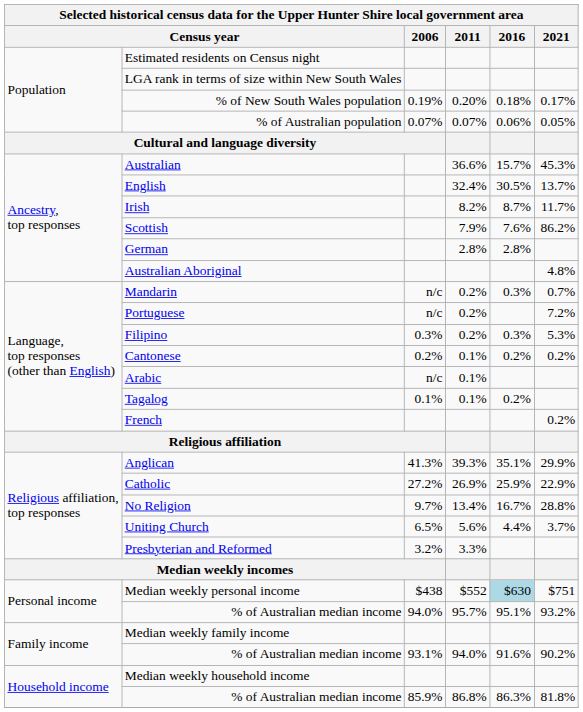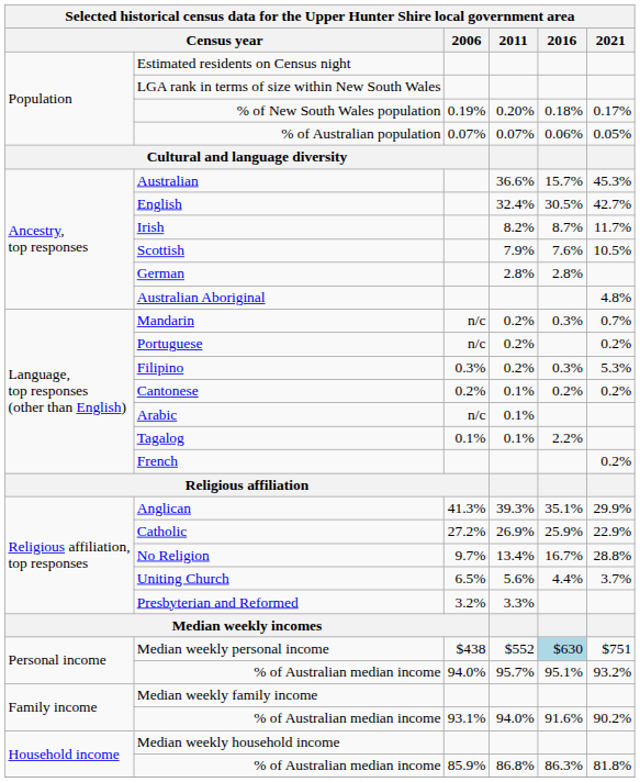 <table class="wikitable">
 <tr>
 <th colspan=7>Selected historical census data for the Upper Hunter Shire local government area</th>
 </tr>
 <tr>
 <th colspan=3>Census year</th>
 <th>2006</th>
 <th>2011</th>
 <th>2016</th>
 <th>2021</th>
 </tr>
 <tr>
 <td rowspan=4 colspan="2">Population</td>
 <td>Estimated residents on Census night</td>
 <td align="right"></td>
 <td align="right"> </td>
 <td align="right"> </td>
 <td align="right"></td>
 </tr>
 <tr>
 <td align="right">LGA rank in terms of size within New South Wales</td>
 <td align="right"></td>
 <td align="right"></td>
 <td align="right"></td>
 <td align="right"></td>
 </tr>
 <tr>
 <td align="right">% of New South Wales population</td>
 <td align="right">0.19%</td>
 <td align="right"> 0.20%</td>
 <td align="right"> 0.18%</td>
 <td align="right"> 0.17%</td>
 </tr>
 <tr>
 <td align="right">% of Australian population</td>
 <td align="right">0.07%</td>
 <td align="right"> 0.07%</td>
 <td align="right"> 0.06%</td>
 <td align="right"> 0.05%</td>
 </tr>
 <tr>
 <th colspan=4>Cultural and language diversity</th>
 <th></th>
 <th></th>
 <th></th>
 </tr>
 <tr>
 <td rowspan=6 colspan=2><a href='#'>Ancestry</a>,<br>top responses</td>
 <td><a href='#'>Australian</a></td>
 <td align="right"></td>
 <td align="right">36.6%</td>
 <td align="right"> 15.7%</td>
 <td align="right"> 45.3%</td>
 </tr>
 <tr>
 <td><a href='#'>English</a></td>
 <td align="right"></td>
 <td align="right">32.4%</td>
 <td align="right"> 30.5%</td>
-<td align="right"> 13.7%</td>
+<td align="right"> 42.7%</td>
 </tr>
 <tr>
 <td><a href='#'>Irish</a></td>
 <td align="right"></td>
 <td align="right">8.2%</td>
 <td align="right"> 8.7%</td>
 <td align="right"> 11.7%</td>
 </tr>
 <tr>
 <td><a href='#'>Scottish</a></td>
 <td align="right"></td>
 <td align="right">7.9%</td>
 <td align="right"> 7.6%</td>
-<td align="right"> 86.2%</td>
+<td align="right"> 10.5%</td>
 </tr>
 <tr>
 <td><a href='#'>German</a></td>
 <td align="right"></td>
 <td align="right">2.8%</td>
 <td align="right"> 2.8%</td>
 <td align="right"></td>
 </tr>
 <tr>
 <td><a href='#'>Australian Aboriginal</a></td>
 <td align="right"></td>
 <td align="right"></td>
 <td align="right"></td>
 <td align="right">4.8%</td>
 </tr>
 <tr>
 <td rowspan=7 colspan=2>Language,<br>top responses<br>(other than <a href='#'>English</a>)</td>
 <td><a href='#'>Mandarin</a></td>
 <td align="right">n/c</td>
 <td align="right">0.2%</td>
 <td align="right"> 0.3%</td>
 <td align="right"> 0.7%</td>
 </tr>
 <tr>
 <td><a href='#'>Portuguese</a></td>
 <td align="right">n/c</td>
 <td align="right">0.2%</td>
 <td align="right"></td>
-<td align="right"> 7.2%</td>
+<td align="right"> 0.2%</td>
 </tr>
 <tr>
 <td><a href='#'>Filipino</a></td>
 <td align="right">0.3%</td>
 <td align="right"> 0.2%</td>
 <td align="right"> 0.3%</td>
 <td align="right"> 5.3%</td>
 </tr>
 <tr>
 <td><a href='#'>Cantonese</a></td>
 <td align="right">0.2%</td>
 <td align="right"> 0.1%</td>
 <td align="right"> 0.2%</td>
 <td align="right"> 0.2%</td>
 </tr>
 <tr>
 <td><a href='#'>Arabic</a></td>
 <td align="right">n/c</td>
 <td align="right"> 0.1%</td>
 <td align="right"></td>
 <td align="right"></td>
 </tr>
 <tr>
 <td><a href='#'>Tagalog</a></td>
 <td align="right">0.1%</td>
 <td align="right"> 0.1%</td>
-<td align="right"> 0.2%</td>
+<td align="right"> 2.2%</td>
 <td align="right"></td>
 </tr>
 <tr>
 <td><a href='#'>French</a></td>
 <td align="right"></td>
 <td align="right"></td>
 <td align="right"></td>
 <td align="right">0.2%</td>
 </tr>
 <tr>
 <th colspan=4>Religious affiliation</th>
 <th></th>
 <th></th>
 <th></th>
 </tr>
 <tr>
 <td rowspan=5 colspan=2><a href='#'>Religious</a> affiliation,<br>top responses</td>
 <td><a href='#'>Anglican</a></td>
 <td align="right">41.3%</td>
 <td align="right"> 39.3%</td>
 <td align="right"> 35.1%</td>
 <td align="right"> 29.9%</td>
 </tr>
 <tr>
 <td><a href='#'>Catholic</a></td>
 <td align="right">27.2%</td>
 <td align="right"> 26.9%</td>
 <td align="right"> 25.9%</td>
 <td align="right"> 22.9%</td>
 </tr>
 <tr>
 <td><a href='#'>No Religion</a></td>
 <td align="right">9.7%</td>
 <td align="right"> 13.4%</td>
 <td align="right"> 16.7%</td>
 <td align="right"> 28.8%</td>
 </tr>
 <tr>
 <td><a href='#'>Uniting Church</a></td>
 <td align="right">6.5%</td>
 <td align="right"> 5.6%</td>
 <td align="right"> 4.4%</td>
 <td align="right"> 3.7%</td>
 </tr>
 <tr>
 <td><a href='#'>Presbyterian and Reformed</a></td>
 <td align="right">3.2%</td>
 <td align="right"> 3.3%</td>
 <td align="right"></td>
 <td align="right"></td>
 </tr>
 <tr>
 <th colspan=4>Median weekly incomes</th>
 <th></th>
 <th></th>
 <th></th>
 </tr>
 <tr>
 <td rowspan=2 colspan=2>Personal income</td>
 <td>Median weekly personal income</td>
 <td align="right">$438</td>
 <td align="right"> $552</td>
 <td align="right" style="background: lightblue;"> $630</td>
 <td align="right"> $751</td>
 </tr>
 <tr>
 <td align="right">% of Australian median income</td>
 <td align="right">94.0%</td>
 <td align="right"> 95.7%</td>
 <td align="right"> 95.1%</td>
 <td align="right"> 93.2%</td>
 </tr>
 <tr>
 <td rowspan=2 colspan=2>Family income</td>
 <td>Median weekly family income</td>
 <td align="right"></td>
 <td align="right"> </td>
 <td align="right"> </td>
 <td align="right"> </td>
 </tr>
 <tr>
 <td align="right">% of Australian median income</td>
 <td align="right">93.1%</td>
 <td align="right"> 94.0%</td>
 <td align="right"> 91.6%</td>
 <td align="right"> 90.2%</td>
 </tr>
 <tr>
 <td rowspan=2 colspan=2><a href='#'>Household income</a></td>
 <td>Median weekly household income</td>
 <td align="right"></td>
 <td align="right"> </td>
 <td align="right"> </td>
 <td align="right"> </td>
 </tr>
 <tr>
 <td align="right">% of Australian median income</td>
 <td align="right">85.9%</td>
 <td align="right"> 86.8%</td>
 <td align="right"> 86.3%</td>
 <td align="right"> 81.8%</td>
 </tr>
 <tr>
 </tr>
 </table>
